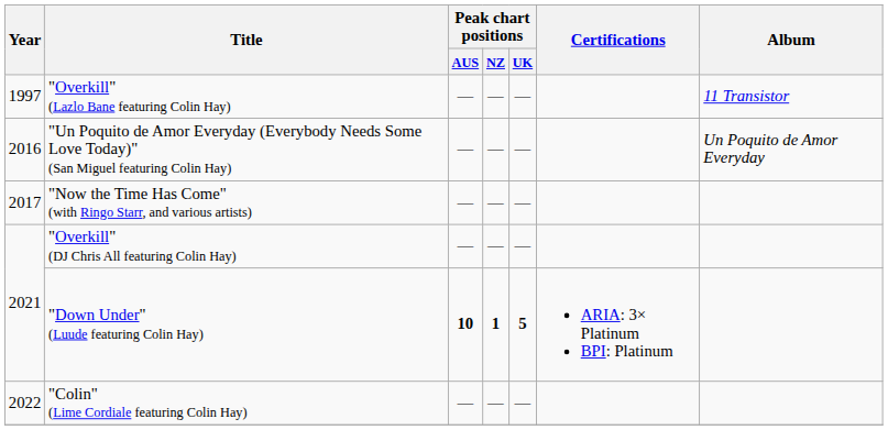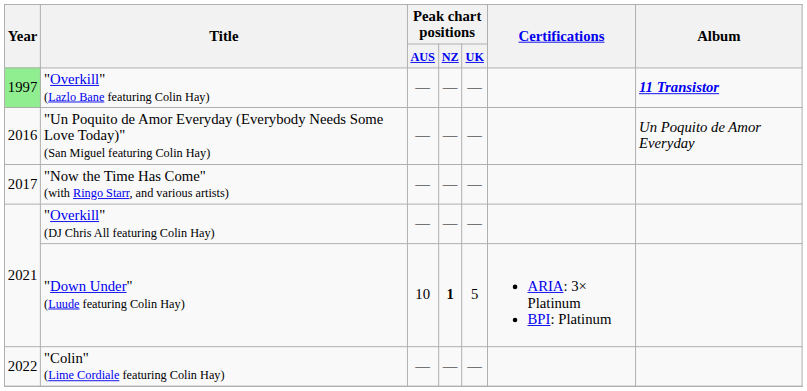 <table class="wikitable">
 <tr>
 <th scope="col" rowspan="2">Year</th>
 <th scope="col" rowspan="2">Title</th>
 <th scope="col" colspan="3">Peak chart<br>positions</th>
 <th scope="col" rowspan="2"><a href='#'>Certifications</a></th>
 <th scope="col" rowspan="2">Album</th>
 </tr>
 <tr>
 <th scope="col" style="text-align:center;"><small><a href='#'>AUS</a></small><br></th>
 <th scope="col" style="text-align:center;"><small><a href='#'>NZ</a></small><br></th>
 <th scope="col" style="text-align:center;"><small><a href='#'>UK</a></small><br></th>
 </tr>
 <tr>
-<td>1997</td>
+<td style="background: lightgreen;">1997</td>
 <td>"<a href='#'>Overkill</a>"<br><small>(<a href='#'>Lazlo Bane</a> featuring Colin Hay)</small></td>
 <td align="center">—</td>
 <td align="center">—</td>
 <td align="center">—</td>
 <td></td>
-<td><em><a href='#'>11 Transistor</a></em></td>
+<td><strong><em><a href='#'>11 Transistor</a></em></strong></td>
 </tr>
 <tr>
 <td>2016</td>
 <td>"Un Poquito de Amor Everyday (Everybody Needs Some Love Today)"<br><small>(San Miguel featuring Colin Hay)</small></td>
 <td align="center">—</td>
 <td align="center">—</td>
 <td align="center">—</td>
 <td></td>
 <td><em>Un Poquito de Amor Everyday</em></td>
 </tr>
 <tr>
 <td>2017</td>
 <td>"Now the Time Has Come"<br><small>(with <a href='#'>Ringo Starr</a>, and various artists)</small></td>
 <td align="center">—</td>
 <td align="center">—</td>
 <td align="center">—</td>
 <td></td>
 <td></td>
 </tr>
 <tr>
 <td rowspan="2">2021</td>
 <td>"<a href='#'>Overkill</a>"<br><small>(DJ Chris All featuring Colin Hay)</small></td>
 <td align="center">—</td>
 <td align="center">—</td>
 <td align="center">—</td>
 <td></td>
 <td></td>
 </tr>
 <tr>
 <td>"<a href='#'>Down Under</a>"<br><small>(<a href='#'>Luude</a> featuring Colin Hay)</small></td>
-<td align="center"><strong>10</strong></td>
+<td align="center">10</td>
 <td align="center"><strong>1</strong></td>
-<td align="center"><strong>5</strong></td>
+<td align="center">5</td>
 <td><br><ul><li><a href='#'>ARIA</a>: 3× Platinum</li><li><a href='#'>BPI</a>: Platinum</li></ul></td>
 <td></td>
 </tr>
 <tr>
 <td>2022</td>
 <td>"Colin"<br><small>(<a href='#'>Lime Cordiale</a> featuring Colin Hay)</small></td>
 <td align="center">—</td>
 <td align="center">—</td>
 <td align="center">—</td>
 <td></td>
 <td></td>
 </tr>
 <tr>
 </tr>
 </table>
